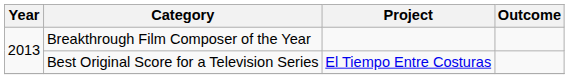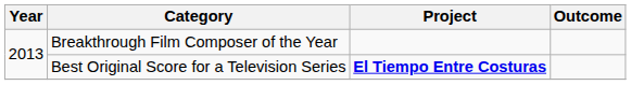 <table class=wikitable>
 <tr>
 <th>Year</th>
 <th>Category</th>
 <th>Project</th>
 <th>Outcome</th>
 </tr>
 <tr>
 <td rowspan="2">2013</td>
 <td>Breakthrough Film Composer of the Year</td>
 <td></td>
 <td></td>
 </tr>
 <tr>
 <td>Best Original Score for a Television Series</td>
-<td><a href='#'>El Tiempo Entre Costuras</a></td>
+<td><strong><a href='#'>El Tiempo Entre Costuras</a></strong></td>
 <td></td>
 </tr>
 <tr>
 </tr>
 </table>
